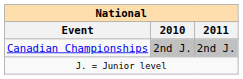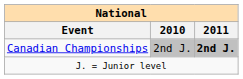 <table class="wikitable" style="text-align:center">
 <tr>
 <th style="background-color: #ffdead; " colspan=3 align=center><strong>National</strong></th>
 </tr>
 <tr>
 <th>Event</th>
 <th>2010</th>
 <th>2011</th>
 </tr>
 <tr>
 <td align=left><a href='#'>Canadian Championships</a></td>
 <td bgcolor=silver>2nd J.</td>
-<td bgcolor=silver>2nd J.</td>
+<td bgcolor=silver><strong>2nd J.</strong></td>
 </tr>
 <tr>
 <td colspan=3 align=center><small> J. = Junior level </small></td>
 </tr>
 </table>
